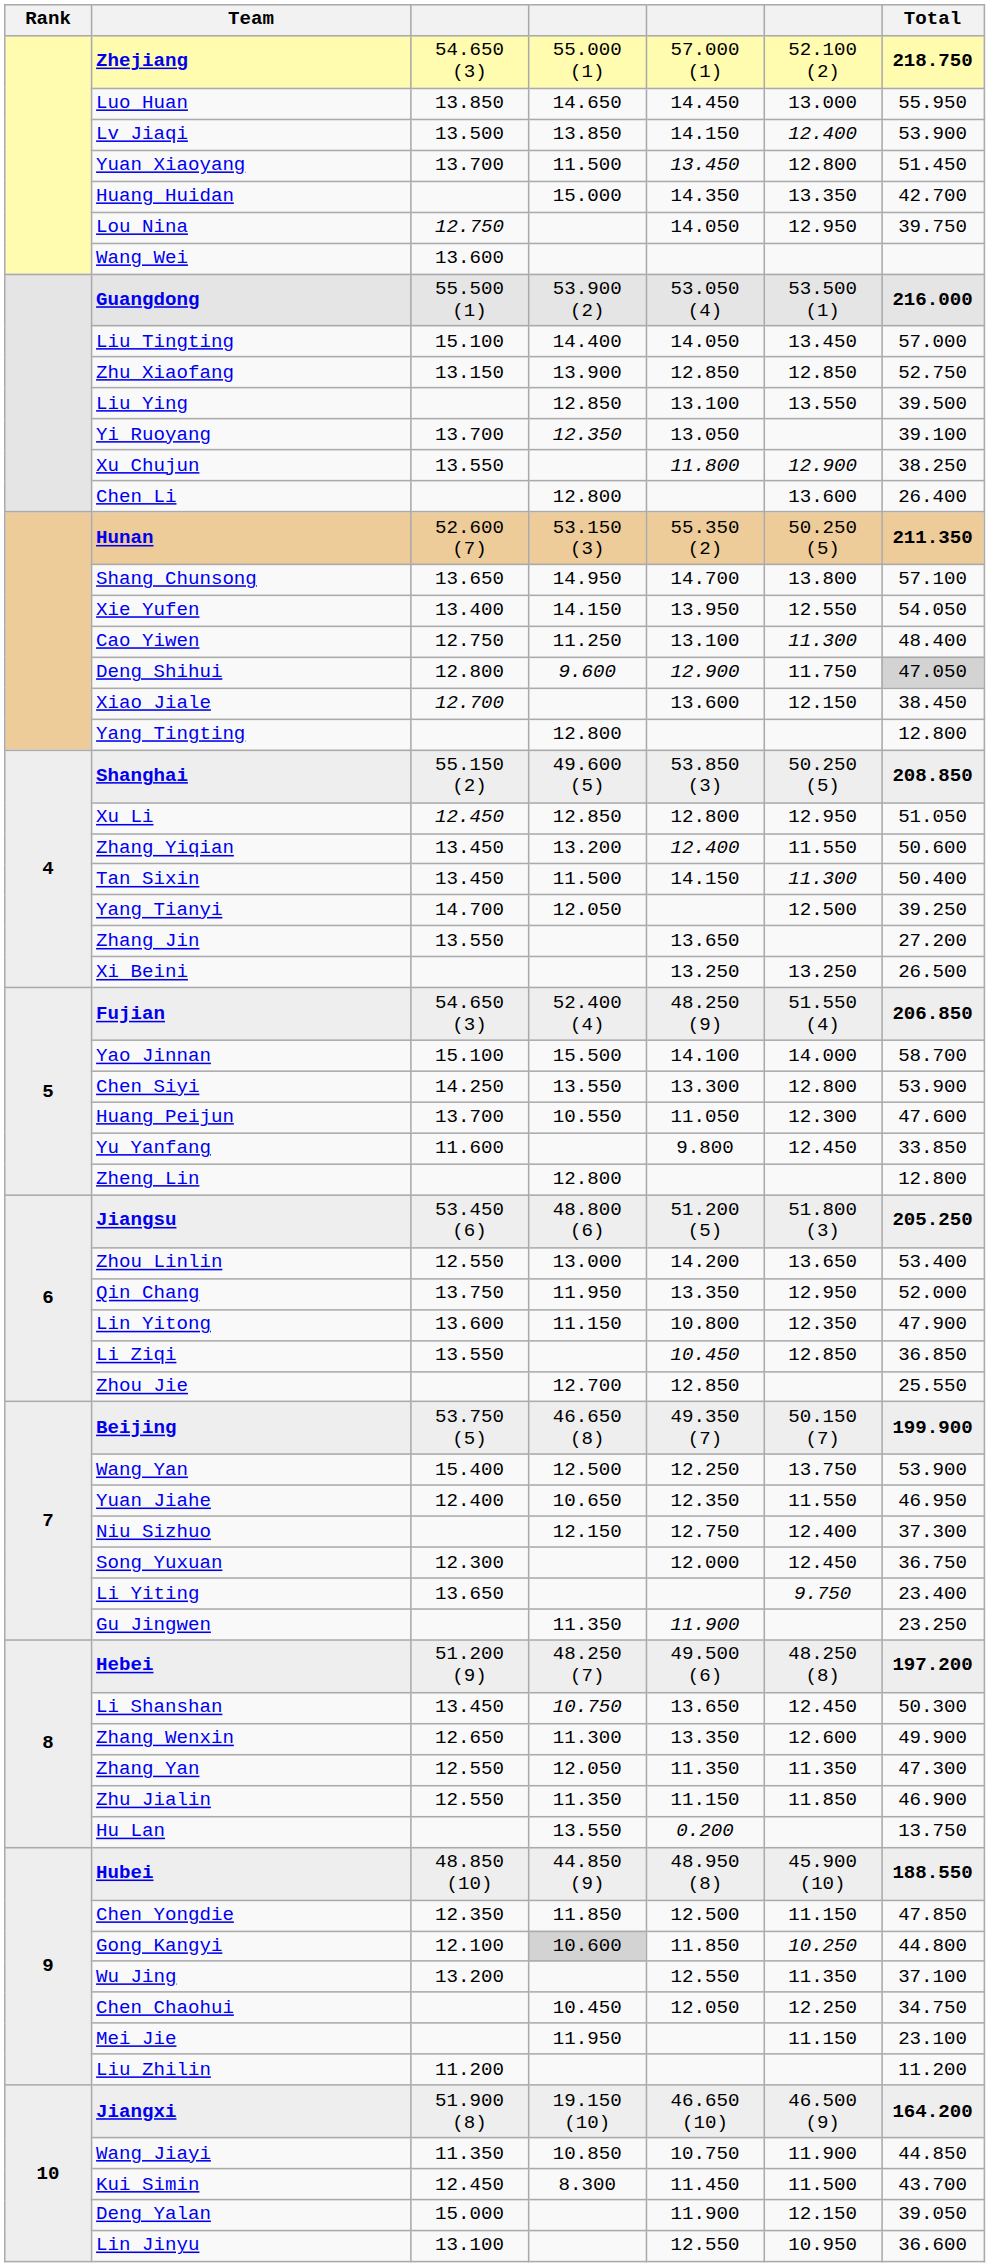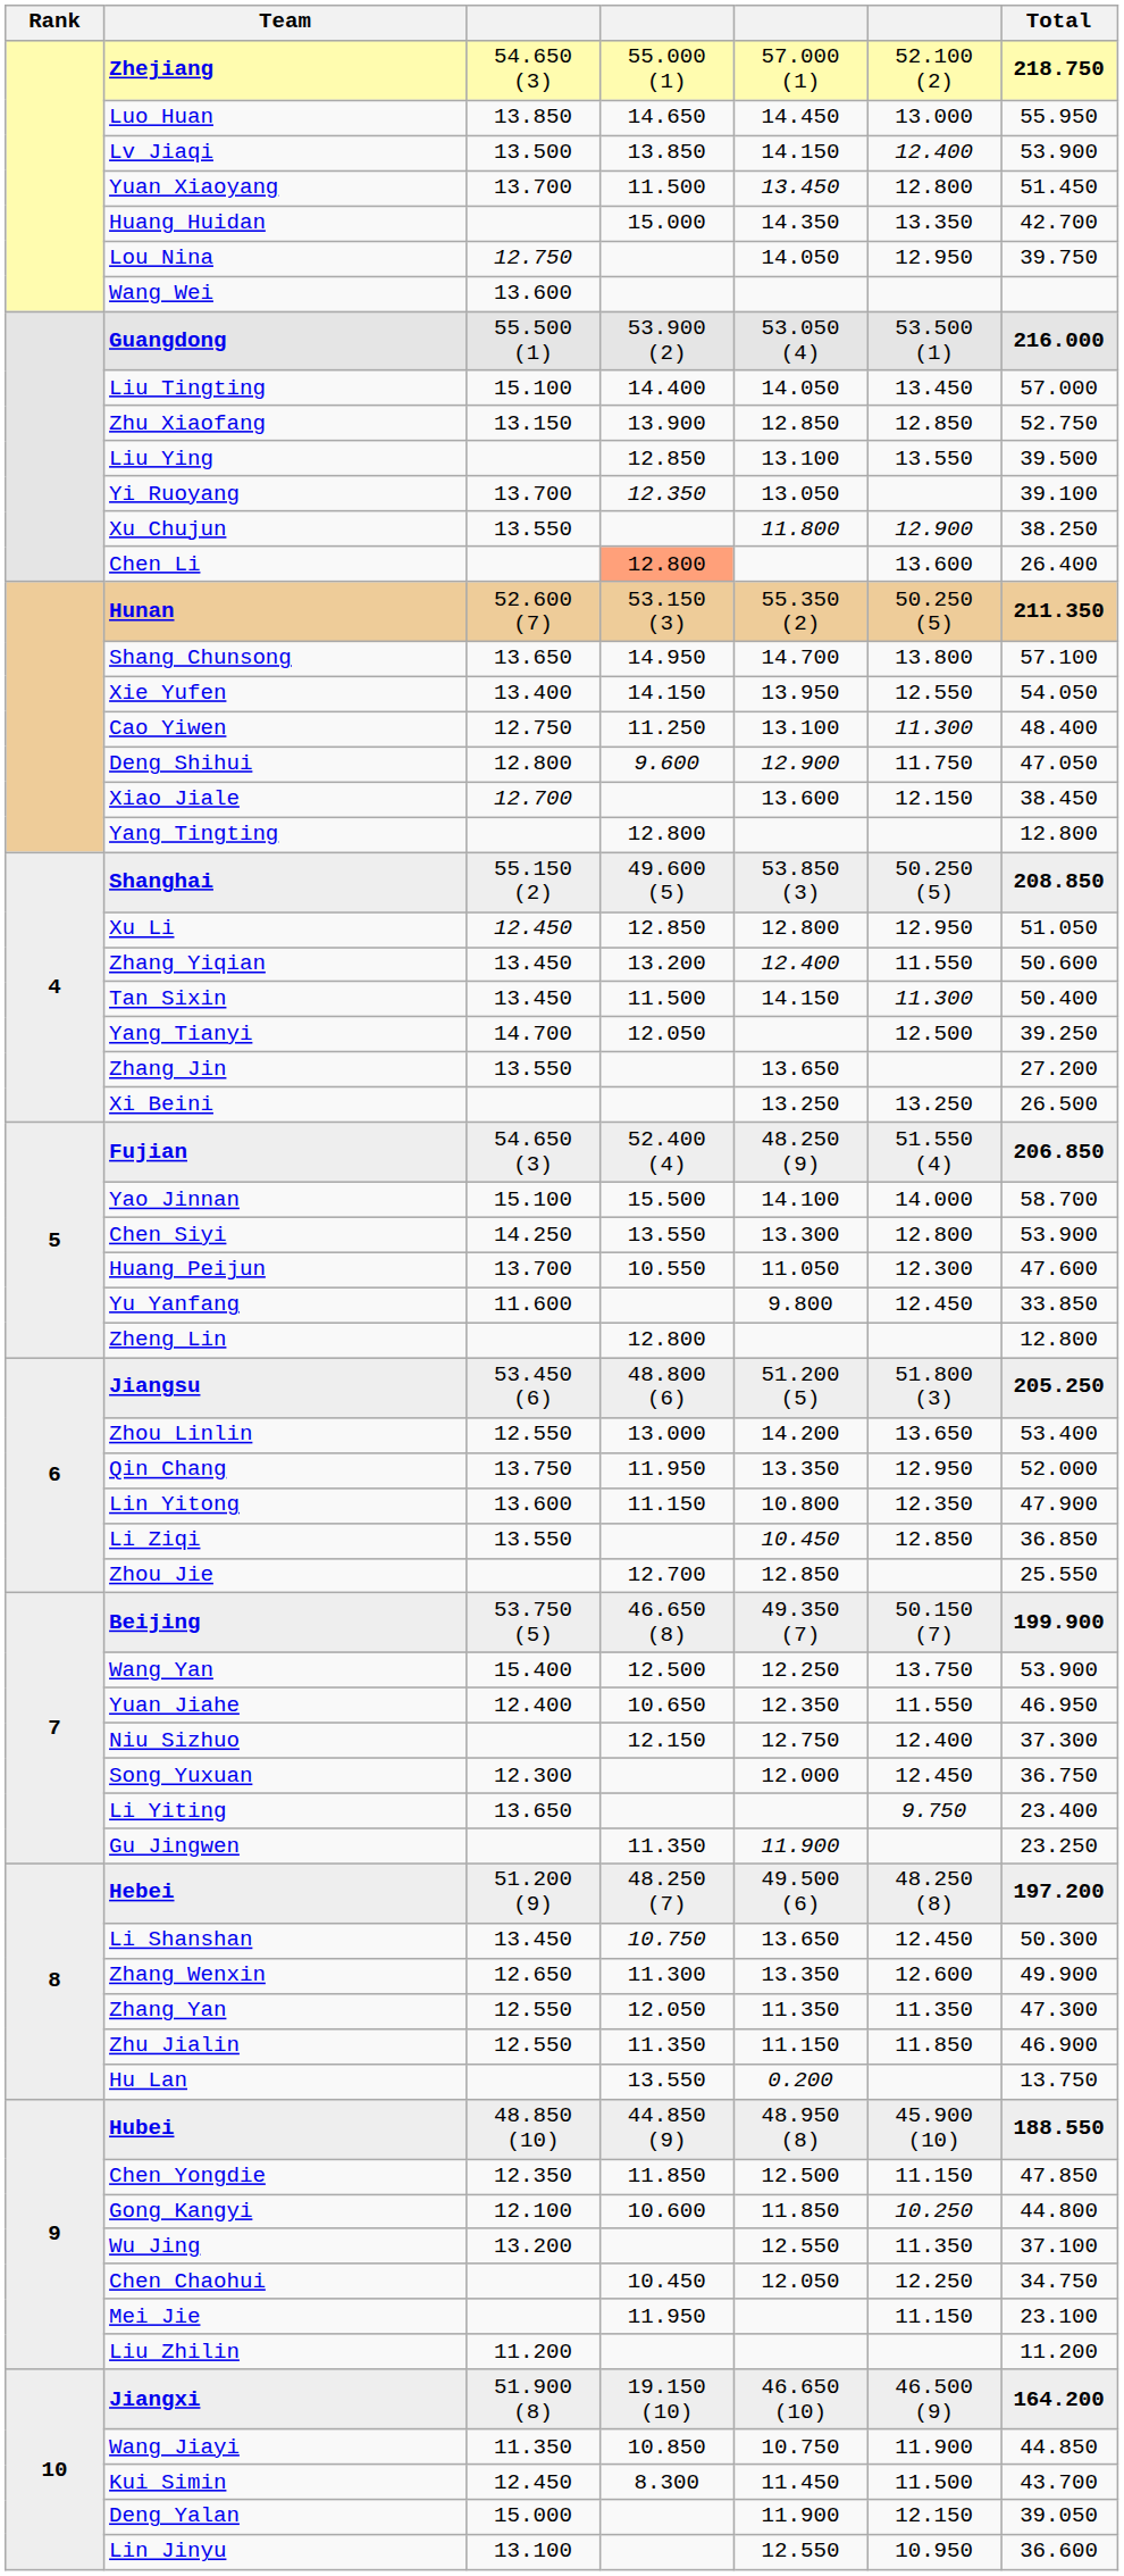 <table class="wikitable" style="text-align:center; font-size:95%">
 <tr>
 <th scope="col" style="width:50px;">Rank</th>
 <th scope="col" style="width:200px;">Team</th>
 <th scope="col" style="width:70px;"></th>
 <th scope="col" style="width:70px;"></th>
 <th scope="col" style="width:70px;"></th>
 <th scope="col" style="width:70px;"></th>
 <th scope="col" style="width:60px;">Total</th>
 </tr>
 <tr style="background:#fffcaf;">
 <td rowspan=7></td>
 <td style="text-align:left;"><strong><a href='#'>Zhejiang</a></strong></td>
 <td>54.650 (3)</td>
 <td>55.000 (1)</td>
 <td>57.000 (1)</td>
 <td>52.100 (2)</td>
 <td><strong>218.750</strong></td>
 </tr>
 <tr>
 <td style="text-align:left;"><a href='#'>Luo Huan</a></td>
 <td>13.850</td>
 <td>14.650</td>
 <td>14.450</td>
 <td>13.000</td>
 <td>55.950</td>
 </tr>
 <tr>
 <td style="text-align:left;"><a href='#'>Lv Jiaqi</a></td>
 <td>13.500</td>
 <td>13.850</td>
 <td>14.150</td>
 <td><em>12.400</em></td>
 <td>53.900</td>
 </tr>
 <tr>
 <td style="text-align:left;"><a href='#'>Yuan Xiaoyang</a></td>
 <td>13.700</td>
 <td>11.500</td>
 <td><em>13.450</em></td>
 <td>12.800</td>
 <td>51.450</td>
 </tr>
 <tr>
 <td style="text-align:left;"><a href='#'>Huang Huidan</a></td>
 <td></td>
 <td>15.000</td>
 <td>14.350</td>
 <td>13.350</td>
 <td>42.700</td>
 </tr>
 <tr>
 <td style="text-align:left;"><a href='#'>Lou Nina</a></td>
 <td><em>12.750</em></td>
 <td></td>
 <td>14.050</td>
 <td>12.950</td>
 <td>39.750</td>
 </tr>
 <tr>
 <td style="text-align:left;"><a href='#'>Wang Wei</a></td>
 <td>13.600</td>
 <td></td>
 <td></td>
 <td></td>
 <td></td>
 </tr>
 <tr style="background:#e5e5e5;">
 <td rowspan=7></td>
 <td style="text-align:left;"><strong><a href='#'>Guangdong</a></strong></td>
 <td>55.500 (1)</td>
 <td>53.900 (2)</td>
 <td>53.050 (4)</td>
 <td>53.500 (1)</td>
 <td><strong>216.000</strong></td>
 </tr>
 <tr>
 <td style="text-align:left;"><a href='#'>Liu Tingting</a></td>
 <td>15.100</td>
 <td>14.400</td>
 <td>14.050</td>
 <td>13.450</td>
 <td>57.000</td>
 </tr>
 <tr>
 <td style="text-align:left;"><a href='#'>Zhu Xiaofang</a></td>
 <td>13.150</td>
 <td>13.900</td>
 <td>12.850</td>
 <td>12.850</td>
 <td>52.750</td>
 </tr>
 <tr>
 <td style="text-align:left;"><a href='#'>Liu Ying</a></td>
 <td></td>
 <td>12.850</td>
 <td>13.100</td>
 <td>13.550</td>
 <td>39.500</td>
 </tr>
 <tr>
 <td style="text-align:left;"><a href='#'>Yi Ruoyang</a></td>
 <td>13.700</td>
 <td><em>12.350</em></td>
 <td>13.050</td>
 <td></td>
 <td>39.100</td>
 </tr>
 <tr>
 <td style="text-align:left;"><a href='#'>Xu Chujun</a></td>
 <td>13.550</td>
 <td></td>
 <td><em>11.800</em></td>
 <td><em>12.900</em></td>
 <td>38.250</td>
 </tr>
 <tr>
 <td style="text-align:left;"><a href='#'>Chen Li</a></td>
 <td></td>
-<td>12.800</td>
+<td style="background: lightsalmon;">12.800</td>
 <td></td>
 <td>13.600</td>
 <td>26.400</td>
 </tr>
 <tr style="background:#ec9;">
 <td rowspan=7></td>
 <td style="text-align:left;"><strong><a href='#'>Hunan</a></strong></td>
 <td>52.600 (7)</td>
 <td>53.150 (3)</td>
 <td>55.350 (2)</td>
 <td>50.250 (5)</td>
 <td><strong>211.350</strong></td>
 </tr>
 <tr>
 <td style="text-align:left;"><a href='#'>Shang Chunsong</a></td>
 <td>13.650</td>
 <td>14.950</td>
 <td>14.700</td>
 <td>13.800</td>
 <td>57.100</td>
 </tr>
 <tr>
 <td style="text-align:left;"><a href='#'>Xie Yufen</a></td>
 <td>13.400</td>
 <td>14.150</td>
 <td>13.950</td>
 <td>12.550</td>
 <td>54.050</td>
 </tr>
 <tr>
 <td style="text-align:left;"><a href='#'>Cao Yiwen</a></td>
 <td>12.750</td>
 <td>11.250</td>
 <td>13.100</td>
 <td><em>11.300</em></td>
 <td>48.400</td>
 </tr>
 <tr>
 <td style="text-align:left;"><a href='#'>Deng Shihui</a></td>
 <td>12.800</td>
 <td><em>9.600</em></td>
 <td><em>12.900</em></td>
 <td>11.750</td>
-<td style="background: lightgrey;">47.050</td>
+<td>47.050</td>
 </tr>
 <tr>
 <td style="text-align:left;"><a href='#'>Xiao Jiale</a></td>
 <td><em>12.700</em></td>
 <td></td>
 <td>13.600</td>
 <td>12.150</td>
 <td>38.450</td>
 </tr>
 <tr>
 <td style="text-align:left;"><a href='#'>Yang Tingting</a></td>
 <td></td>
 <td>12.800</td>
 <td></td>
 <td></td>
 <td>12.800</td>
 </tr>
 <tr style="background:#eee;">
 <td rowspan=7><strong>4</strong></td>
 <td style="text-align:left;"><strong><a href='#'>Shanghai</a></strong></td>
 <td>55.150 (2)</td>
 <td>49.600 (5)</td>
 <td>53.850 (3)</td>
 <td>50.250 (5)</td>
 <td><strong>208.850</strong></td>
 </tr>
 <tr>
 <td style="text-align:left;"><a href='#'>Xu Li</a></td>
 <td><em>12.450</em></td>
 <td>12.850</td>
 <td>12.800</td>
 <td>12.950</td>
 <td>51.050</td>
 </tr>
 <tr>
 <td style="text-align:left;"><a href='#'>Zhang Yiqian</a></td>
 <td>13.450</td>
 <td>13.200</td>
 <td><em>12.400</em></td>
 <td>11.550</td>
 <td>50.600</td>
 </tr>
 <tr>
 <td style="text-align:left;"><a href='#'>Tan Sixin</a></td>
 <td>13.450</td>
 <td>11.500</td>
 <td>14.150</td>
 <td><em>11.300</em></td>
 <td>50.400</td>
 </tr>
 <tr>
 <td style="text-align:left;"><a href='#'>Yang Tianyi</a></td>
 <td>14.700</td>
 <td>12.050</td>
 <td></td>
 <td>12.500</td>
 <td>39.250</td>
 </tr>
 <tr>
 <td style="text-align:left;"><a href='#'>Zhang Jin</a></td>
 <td>13.550</td>
 <td></td>
 <td>13.650</td>
 <td></td>
 <td>27.200</td>
 </tr>
 <tr>
 <td style="text-align:left;"><a href='#'>Xi Beini</a></td>
 <td></td>
 <td></td>
 <td>13.250</td>
 <td>13.250</td>
 <td>26.500</td>
 </tr>
 <tr style="background:#eee;">
 <td rowspan=6><strong>5</strong></td>
 <td style="text-align:left;"><strong><a href='#'>Fujian</a></strong></td>
 <td>54.650 (3)</td>
 <td>52.400 (4)</td>
 <td>48.250 (9)</td>
 <td>51.550 (4)</td>
 <td><strong>206.850</strong></td>
 </tr>
 <tr>
 <td style="text-align:left;"><a href='#'>Yao Jinnan</a></td>
 <td>15.100</td>
 <td>15.500</td>
 <td>14.100</td>
 <td>14.000</td>
 <td>58.700</td>
 </tr>
 <tr>
 <td style="text-align:left;"><a href='#'>Chen Siyi</a></td>
 <td>14.250</td>
 <td>13.550</td>
 <td>13.300</td>
 <td>12.800</td>
 <td>53.900</td>
 </tr>
 <tr>
 <td style="text-align:left;"><a href='#'>Huang Peijun</a></td>
 <td>13.700</td>
 <td>10.550</td>
 <td>11.050</td>
 <td>12.300</td>
 <td>47.600</td>
 </tr>
 <tr>
 <td style="text-align:left;"><a href='#'>Yu Yanfang</a></td>
 <td>11.600</td>
 <td></td>
 <td>9.800</td>
 <td>12.450</td>
 <td>33.850</td>
 </tr>
 <tr>
 <td style="text-align:left;"><a href='#'>Zheng Lin</a></td>
 <td></td>
 <td>12.800</td>
 <td></td>
 <td></td>
 <td>12.800</td>
 </tr>
 <tr style="background:#eee;">
 <td rowspan=6><strong>6</strong></td>
 <td style="text-align:left;"><strong><a href='#'>Jiangsu</a></strong></td>
 <td>53.450 (6)</td>
 <td>48.800 (6)</td>
 <td>51.200 (5)</td>
 <td>51.800 (3)</td>
 <td><strong>205.250</strong></td>
 </tr>
 <tr>
 <td style="text-align:left;"><a href='#'>Zhou Linlin</a></td>
 <td>12.550</td>
 <td>13.000</td>
 <td>14.200</td>
 <td>13.650</td>
 <td>53.400</td>
 </tr>
 <tr>
 <td style="text-align:left;"><a href='#'>Qin Chang</a></td>
 <td>13.750</td>
 <td>11.950</td>
 <td>13.350</td>
 <td>12.950</td>
 <td>52.000</td>
 </tr>
 <tr>
 <td style="text-align:left;"><a href='#'>Lin Yitong</a></td>
 <td>13.600</td>
 <td>11.150</td>
 <td>10.800</td>
 <td>12.350</td>
 <td>47.900</td>
 </tr>
 <tr>
 <td style="text-align:left;"><a href='#'>Li Ziqi</a></td>
 <td>13.550</td>
 <td></td>
 <td><em>10.450</em></td>
 <td>12.850</td>
 <td>36.850</td>
 </tr>
 <tr>
 <td style="text-align:left;"><a href='#'>Zhou Jie</a></td>
 <td></td>
 <td>12.700</td>
 <td>12.850</td>
 <td></td>
 <td>25.550</td>
 </tr>
 <tr style="background:#eee;">
 <td rowspan=7><strong>7</strong></td>
 <td style="text-align:left;"><strong><a href='#'>Beijing</a></strong></td>
 <td>53.750 (5)</td>
 <td>46.650 (8)</td>
 <td>49.350 (7)</td>
 <td>50.150 (7)</td>
 <td><strong>199.900</strong></td>
 </tr>
 <tr>
 <td style="text-align:left;"><a href='#'>Wang Yan</a></td>
 <td>15.400</td>
 <td>12.500</td>
 <td>12.250</td>
 <td>13.750</td>
 <td>53.900</td>
 </tr>
 <tr>
 <td style="text-align:left;"><a href='#'>Yuan Jiahe</a></td>
 <td>12.400</td>
 <td>10.650</td>
 <td>12.350</td>
 <td>11.550</td>
 <td>46.950</td>
 </tr>
 <tr>
 <td style="text-align:left;"><a href='#'>Niu Sizhuo</a></td>
 <td></td>
 <td>12.150</td>
 <td>12.750</td>
 <td>12.400</td>
 <td>37.300</td>
 </tr>
 <tr>
 <td style="text-align:left;"><a href='#'>Song Yuxuan</a></td>
 <td>12.300</td>
 <td></td>
 <td>12.000</td>
 <td>12.450</td>
 <td>36.750</td>
 </tr>
 <tr>
 <td style="text-align:left;"><a href='#'>Li Yiting</a></td>
 <td>13.650</td>
 <td></td>
 <td></td>
 <td><em>9.750</em></td>
 <td>23.400</td>
 </tr>
 <tr>
 <td style="text-align:left;"><a href='#'>Gu Jingwen</a></td>
 <td></td>
 <td>11.350</td>
 <td><em>11.900</em></td>
 <td></td>
 <td>23.250</td>
 </tr>
 <tr style="background:#eee;">
 <td rowspan=6><strong>8</strong></td>
 <td style="text-align:left;"><strong><a href='#'>Hebei</a></strong></td>
 <td>51.200 (9)</td>
 <td>48.250 (7)</td>
 <td>49.500 (6)</td>
 <td>48.250 (8)</td>
 <td><strong>197.200</strong></td>
 </tr>
 <tr>
 <td style="text-align:left;"><a href='#'>Li Shanshan</a></td>
 <td>13.450</td>
 <td><em>10.750</em></td>
 <td>13.650</td>
 <td>12.450</td>
 <td>50.300</td>
 </tr>
 <tr>
 <td style="text-align:left;"><a href='#'>Zhang Wenxin</a></td>
 <td>12.650</td>
 <td>11.300</td>
 <td>13.350</td>
 <td>12.600</td>
 <td>49.900</td>
 </tr>
 <tr>
 <td style="text-align:left;"><a href='#'>Zhang Yan</a></td>
 <td>12.550</td>
 <td>12.050</td>
 <td>11.350</td>
 <td>11.350</td>
 <td>47.300</td>
 </tr>
 <tr>
 <td style="text-align:left;"><a href='#'>Zhu Jialin</a></td>
 <td>12.550</td>
 <td>11.350</td>
 <td>11.150</td>
 <td>11.850</td>
 <td>46.900</td>
 </tr>
 <tr>
 <td style="text-align:left;"><a href='#'>Hu Lan</a></td>
 <td></td>
 <td>13.550</td>
 <td><em>0.200</em></td>
 <td></td>
 <td>13.750</td>
 </tr>
 <tr style="background:#eee;">
 <td rowspan=7><strong>9</strong></td>
 <td style="text-align:left;"><strong><a href='#'>Hubei</a></strong></td>
 <td>48.850 (10)</td>
 <td>44.850 (9)</td>
 <td>48.950 (8)</td>
 <td>45.900 (10)</td>
 <td><strong>188.550</strong></td>
 </tr>
 <tr>
 <td style="text-align:left;"><a href='#'>Chen Yongdie</a></td>
 <td>12.350</td>
 <td>11.850</td>
 <td>12.500</td>
 <td>11.150</td>
 <td>47.850</td>
 </tr>
 <tr>
 <td style="text-align:left;"><a href='#'>Gong Kangyi</a></td>
 <td>12.100</td>
-<td style="background: lightgrey;">10.600</td>
+<td>10.600</td>
 <td>11.850</td>
 <td><em>10.250</em></td>
 <td>44.800</td>
 </tr>
 <tr>
 <td style="text-align:left;"><a href='#'>Wu Jing</a></td>
 <td>13.200</td>
 <td></td>
 <td>12.550</td>
 <td>11.350</td>
 <td>37.100</td>
 </tr>
 <tr>
 <td style="text-align:left;"><a href='#'>Chen Chaohui</a></td>
 <td></td>
 <td>10.450</td>
 <td>12.050</td>
 <td>12.250</td>
 <td>34.750</td>
 </tr>
 <tr>
 <td style="text-align:left;"><a href='#'>Mei Jie</a></td>
 <td></td>
 <td>11.950</td>
 <td></td>
 <td>11.150</td>
 <td>23.100</td>
 </tr>
 <tr>
 <td style="text-align:left;"><a href='#'>Liu Zhilin</a></td>
 <td>11.200</td>
 <td></td>
 <td></td>
 <td></td>
 <td>11.200</td>
 </tr>
 <tr style="background:#eee;">
 <td rowspan=5><strong>10</strong></td>
 <td style="text-align:left;"><strong><a href='#'>Jiangxi</a></strong></td>
 <td>51.900 (8)</td>
 <td>19.150 (10)</td>
 <td>46.650 (10)</td>
 <td>46.500 (9)</td>
 <td><strong>164.200</strong></td>
 </tr>
 <tr>
 <td style="text-align:left;"><a href='#'>Wang Jiayi</a></td>
 <td>11.350</td>
 <td>10.850</td>
 <td>10.750</td>
 <td>11.900</td>
 <td>44.850</td>
 </tr>
 <tr>
 <td style="text-align:left;"><a href='#'>Kui Simin</a></td>
 <td>12.450</td>
 <td>8.300</td>
 <td>11.450</td>
 <td>11.500</td>
 <td>43.700</td>
 </tr>
 <tr>
 <td style="text-align:left;"><a href='#'>Deng Yalan</a></td>
 <td>15.000</td>
 <td></td>
 <td>11.900</td>
 <td>12.150</td>
 <td>39.050</td>
 </tr>
 <tr>
 <td style="text-align:left;"><a href='#'>Lin Jinyu</a></td>
 <td>13.100</td>
 <td></td>
 <td>12.550</td>
 <td>10.950</td>
 <td>36.600</td>
 </tr>
 </table>
